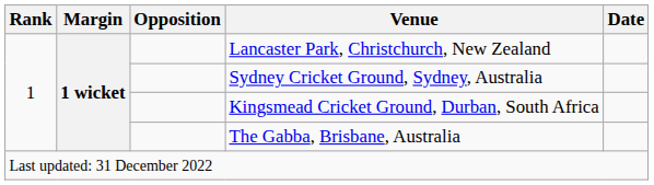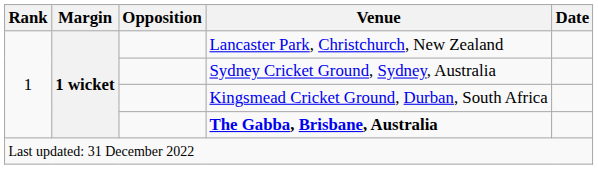 <table class="wikitable plainrowheaders sortable">
 <tr>
 <th scope=col>Rank</th>
 <th scope=col>Margin</th>
 <th scope=col>Opposition</th>
 <th scope=col>Venue</th>
 <th scope=col>Date</th>
 </tr>
 <tr>
 <td align=center rowspan=4>1</td>
 <th scope=row style=text-align:center; rowspan=4>1 wicket</th>
 <td></td>
 <td><a href='#'>Lancaster Park</a>, <a href='#'>Christchurch</a>, New Zealand</td>
 <td><a href='#'></a></td>
 </tr>
 <tr>
 <td></td>
 <td><a href='#'>Sydney Cricket Ground</a>, <a href='#'>Sydney</a>, Australia</td>
 <td><a href='#'></a></td>
 </tr>
 <tr>
 <td></td>
 <td><a href='#'>Kingsmead Cricket Ground</a>, <a href='#'>Durban</a>, South Africa</td>
 <td><a href='#'></a></td>
 </tr>
 <tr>
 <td></td>
-<td><a href='#'>The Gabba</a>, <a href='#'>Brisbane</a>, Australia</td>
+<td><strong><a href='#'>The Gabba</a>, <a href='#'>Brisbane</a>, Australia</strong></td>
 <td><a href='#'></a></td>
 </tr>
 <tr class=sortbottom>
 <td colspan=5><small>Last updated: 31 December 2022</small></td>
 </tr>
 </table>
